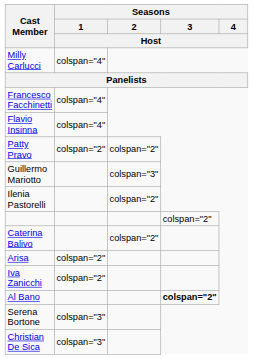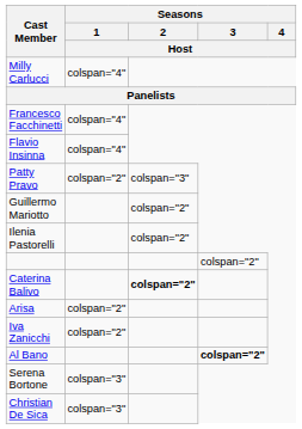 <table class="wikitable mw-collapsible mw-collapsed" style="margin-left: auto; margin-right: auto; border: none; font-size:90%; width:30%;">
 <tr>
 <th rowspan="3">Cast Member</th>
 <th colspan="4">Seasons</th>
 </tr>
 <tr>
 <th width="50">1</th>
 <th width="50">2</th>
 <th width="50">3</th>
 <th width="50">4</th>
 </tr>
 <tr>
 <th colspan="4">Host</th>
 </tr>
 <tr>
 <td><a href='#'>Milly Carlucci</a></td>
 <td>colspan="4" </td>
 </tr>
 <tr>
 <th colspan="5">Panelists</th>
 </tr>
 <tr>
 <td><a href='#'>Francesco Facchinetti</a></td>
 <td>colspan="4" </td>
 </tr>
 <tr>
 <td><a href='#'>Flavio Insinna</a></td>
 <td>colspan="4" </td>
 </tr>
 <tr>
 <td><a href='#'>Patty Pravo</a></td>
 <td>colspan="2" </td>
-<td>colspan="2" </td>
+<td>colspan="3" </td>
 </tr>
 <tr>
 <td>Guillermo Mariotto</td>
 <td></td>
-<td>colspan="3" </td>
+<td>colspan="2" </td>
 </tr>
 <tr>
 <td>Ilenia Pastorelli</td>
 <td></td>
 <td>colspan="2" </td>
 </tr>
 <tr>
 <td></td>
 <td></td>
 <td></td>
 <td>colspan="2" </td>
 </tr>
 <tr>
 <td><a href='#'>Caterina Balivo</a></td>
 <td></td>
-<td>colspan="2" </td>
+<td><strong>colspan="2" </strong></td>
 <td></td>
 </tr>
 <tr>
 <td><a href='#'>Arisa</a></td>
 <td>colspan="2" </td>
 <td></td>
 <td></td>
 </tr>
 <tr>
 <td><a href='#'>Iva Zanicchi</a></td>
 <td>colspan="2" </td>
 <td></td>
 <td></td>
 </tr>
 <tr>
 <td><a href='#'>Al Bano</a></td>
 <td></td>
 <td></td>
 <td><strong>colspan="2" </strong></td>
 </tr>
 <tr>
 <td>Serena Bortone</td>
 <td>colspan="3" </td>
 <td></td>
 </tr>
 <tr>
 <td><a href='#'>Christian De Sica</a></td>
 <td>colspan="3" </td>
 <td></td>
 </tr>
 <tr>
 </tr>
 </table>
